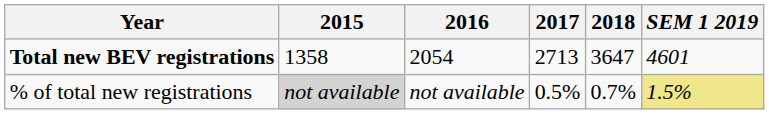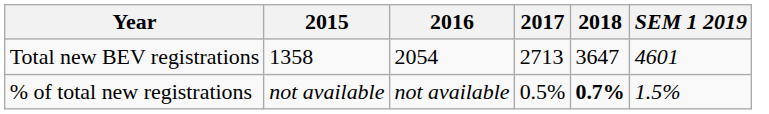 <table class="wikitable">
 <tr>
 <th>Year</th>
 <th>2015</th>
 <th>2016</th>
 <th>2017</th>
 <th>2018</th>
 <th><em>SEM 1 2019</em></th>
 </tr>
 <tr>
-<td><strong>Total new BEV registrations</strong></td>
+<td>Total new BEV registrations</td>
 <td>1358</td>
 <td>2054</td>
 <td>2713</td>
 <td>3647</td>
 <td><em>4601</em></td>
 </tr>
 <tr>
 <td>% of total new registrations</td>
-<td style="background: lightgrey;"><em>not available</em></td>
+<td><em>not available</em></td>
 <td><em>not available</em></td>
 <td>0.5%</td>
-<td>0.7%</td>
-<td style="background: khaki;"><em>1.5%</em></td>
+<td><strong>0.7%</strong></td>
+<td><em>1.5%</em></td>
 </tr>
 </table>
